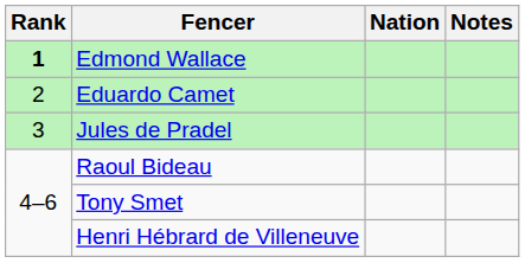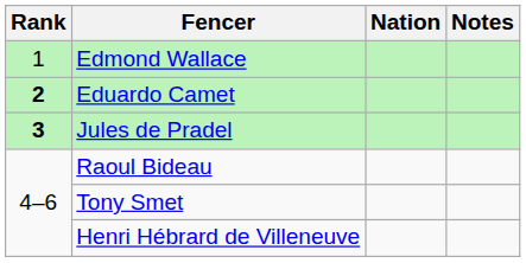 <table class="wikitable sortable" style="text-align:center">
 <tr>
 <th>Rank</th>
 <th>Fencer</th>
 <th>Nation</th>
 <th>Notes</th>
 </tr>
 <tr bgcolor=bbf3bb>
-<td><strong>1</strong></td>
+<td>1</td>
 <td align=left><a href='#'>Edmond Wallace</a></td>
 <td align=left></td>
 <td></td>
 </tr>
 <tr bgcolor=bbf3bb>
-<td>2</td>
+<td><strong>2</strong></td>
 <td align=left><a href='#'>Eduardo Camet</a></td>
 <td align=left></td>
 <td></td>
 </tr>
 <tr bgcolor=bbf3bb>
-<td>3</td>
+<td><strong>3</strong></td>
 <td align=left><a href='#'>Jules de Pradel</a></td>
 <td align=left></td>
 <td></td>
 </tr>
 <tr>
 <td rowspan=3 align=center>4–6</td>
 <td align=left><a href='#'>Raoul Bideau</a></td>
 <td align=left></td>
 <td></td>
 </tr>
 <tr>
 <td align=left><a href='#'>Tony Smet</a></td>
 <td align=left></td>
 <td></td>
 </tr>
 <tr>
 <td align=left><a href='#'>Henri Hébrard de Villeneuve</a></td>
 <td align=left></td>
 <td></td>
 </tr>
 </table>
